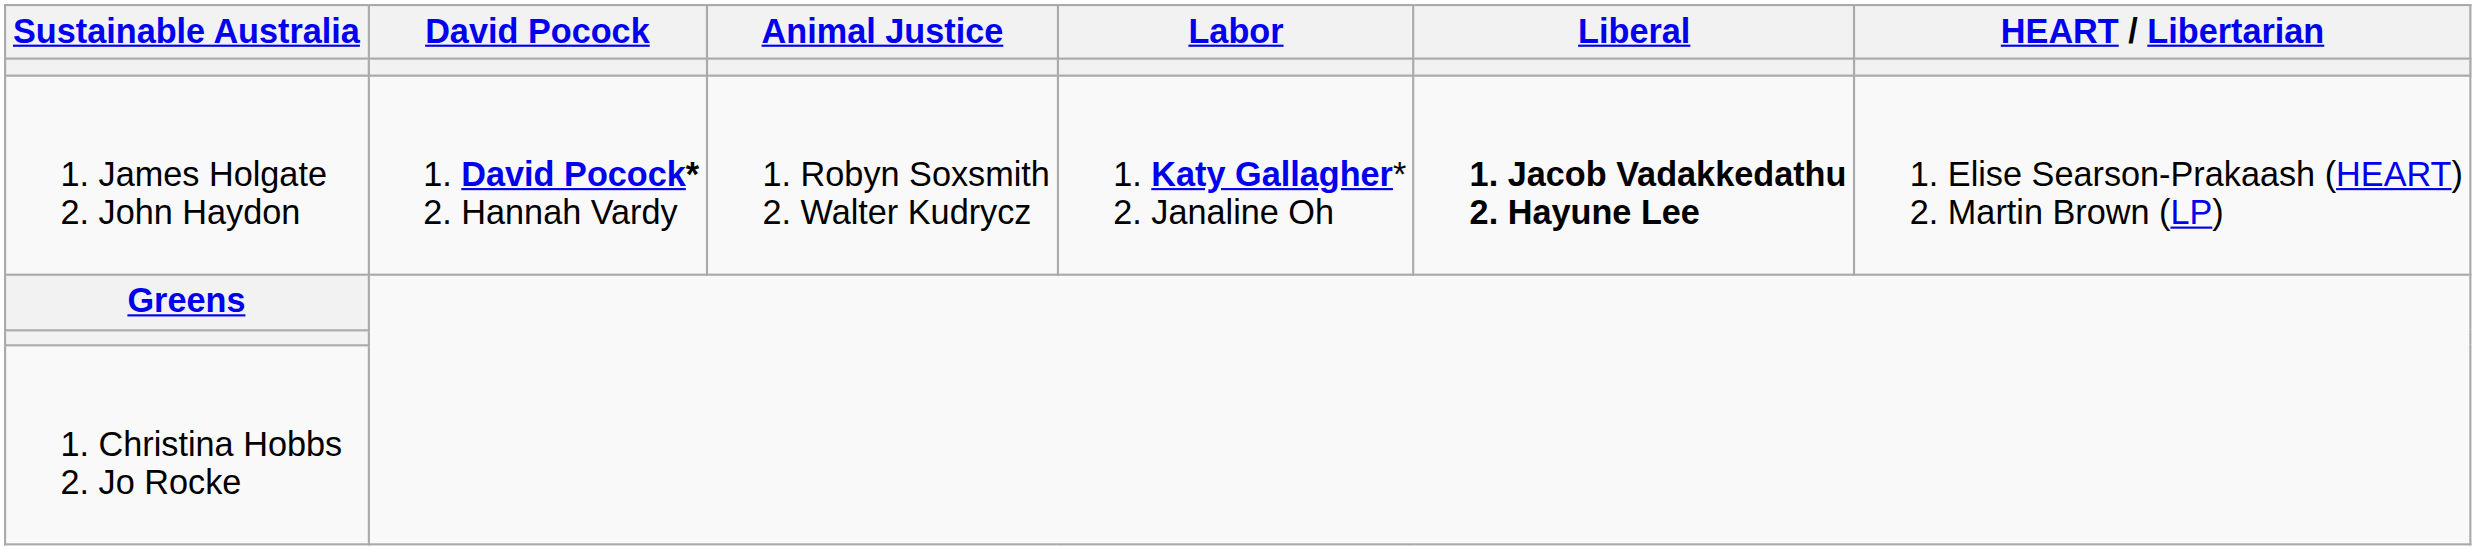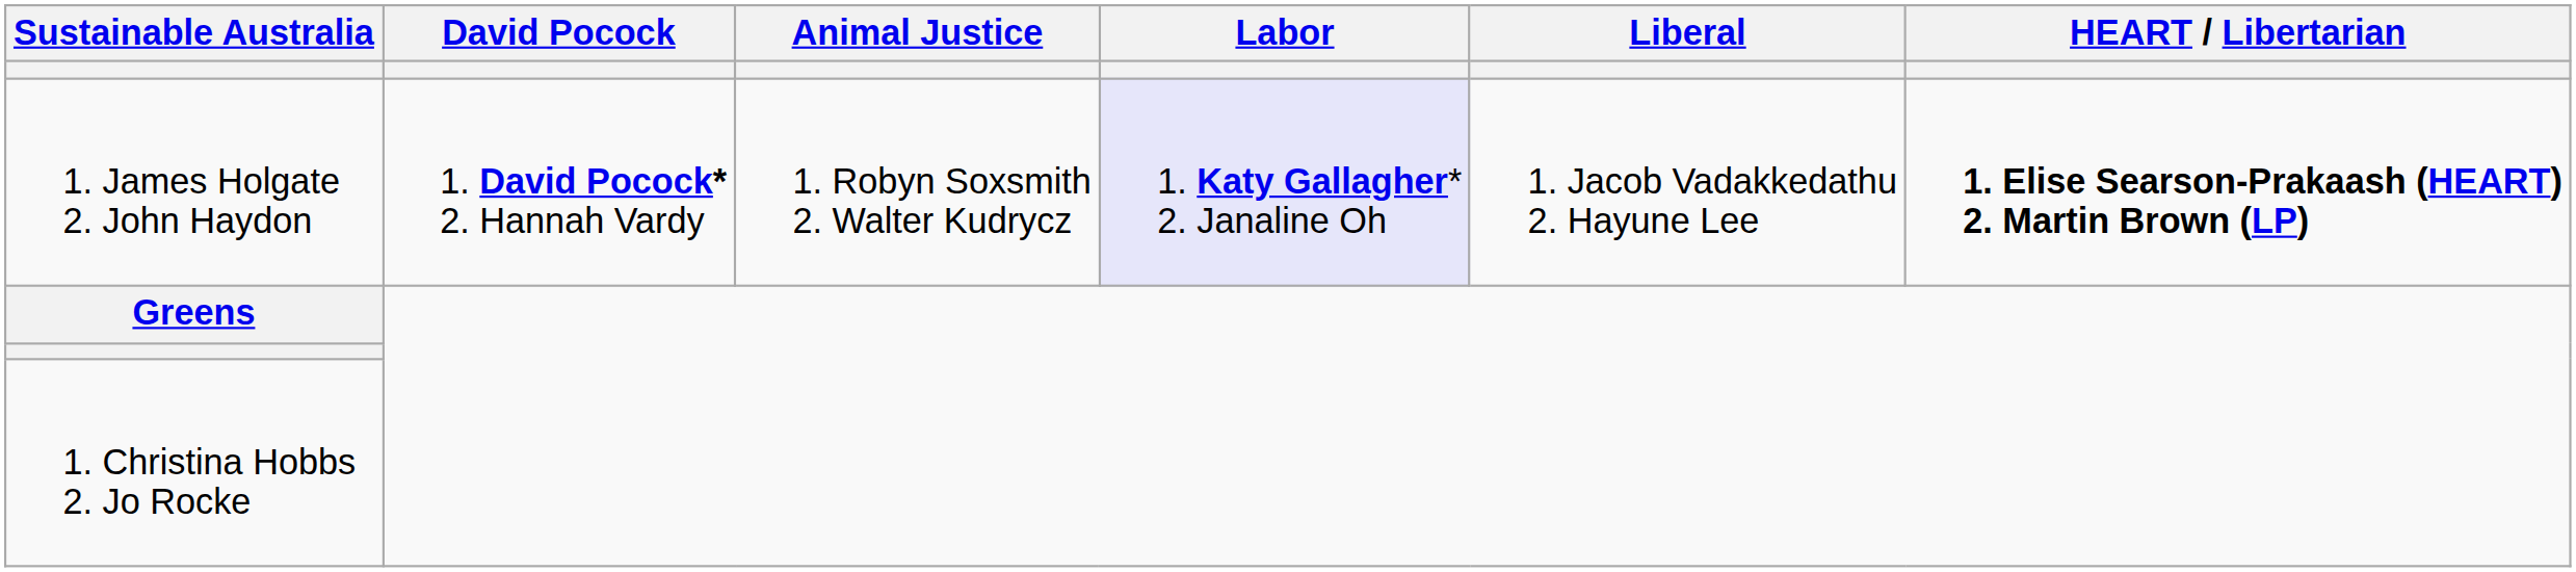 <table class=wikitable>
 <tr>
 <th><a href='#'>Sustainable Australia</a></th>
 <th><a href='#'>David Pocock</a></th>
 <th><a href='#'>Animal Justice</a></th>
 <th><a href='#'>Labor</a></th>
 <th><a href='#'>Liberal</a></th>
 <th><a href='#'>HEART</a> / <a href='#'>Libertarian</a></th>
 </tr>
 <tr style=background:#ccc>
 <th></th>
 <th></th>
 <th></th>
 <th></th>
 <th></th>
 <th></th>
 </tr>
 <tr>
 <td valign=top><br><ol> <li> James Holgate</li> <li> John Haydon</li> </ol></td>
 <td><br><ol> <li> <strong><a href='#'>David Pocock</a>*</strong></li> <li> Hannah Vardy</li> </ol></td>
 <td valign=top><br><ol> <li> Robyn Soxsmith</li> <li> Walter Kudrycz</li></ol></td>
-<td><br><ol> <li><strong><a href='#'>Katy Gallagher</a></strong>*</li> <li> Janaline Oh</ol></td>
-<td valign=top><strong><br><ol> <li> Jacob Vadakkedathu <li> Hayune Lee</ol></strong></td>
-<td valign=top><br><ol> <li> Elise Searson-Prakaash (<a href='#'>HEART</a>) <li> Martin Brown (<a href='#'>LP</a>)</ol></td>
+<td style="background: lavender;"><br><ol> <li><strong><a href='#'>Katy Gallagher</a></strong>*</li> <li> Janaline Oh</ol></td>
+<td valign=top><br><ol> <li> Jacob Vadakkedathu <li> Hayune Lee</ol></td>
+<td valign=top><strong><br><ol> <li> Elise Searson-Prakaash (<a href='#'>HEART</a>) <li> Martin Brown (<a href='#'>LP</a>)</ol></strong></td>
 </tr>
 <tr>
 <th><a href='#'>Greens</a></th>
 </tr>
 <tr>
 <th></th>
 </tr>
 <tr>
 <td valign=top><br><ol> <li> Christina Hobbs <li> Jo Rocke</ol></td>
 </tr>
 </table>
